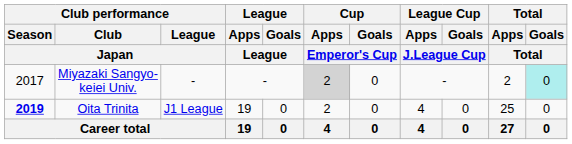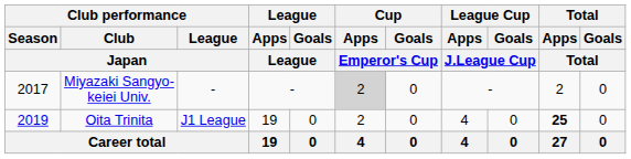 <table class="wikitable" style="text-align:center">
 <tr>
 <th colspan=3>Club performance</th>
 <th colspan=2>League</th>
 <th colspan=2>Cup</th>
 <th colspan=2>League Cup</th>
 <th colspan=2>Total</th>
 </tr>
 <tr>
 <th>Season</th>
 <th>Club</th>
 <th>League</th>
 <th>Apps</th>
 <th>Goals</th>
 <th>Apps</th>
 <th>Goals</th>
 <th>Apps</th>
 <th>Goals</th>
 <th>Apps</th>
 <th>Goals</th>
 </tr>
 <tr>
 <th colspan=3>Japan</th>
 <th colspan=2>League</th>
 <th colspan=2><a href='#'>Emperor's Cup</a></th>
 <th colspan=2><a href='#'>J.League Cup</a></th>
 <th colspan=2>Total</th>
 </tr>
 <tr>
 <td>2017</td>
 <td><a href='#'>Miyazaki Sangyo-<br>keiei Univ.</a></td>
 <td>-</td>
 <td colspan=2>-</td>
 <td style="background: lightgrey;">2</td>
 <td>0</td>
 <td colspan=2>-</td>
 <td>2</td>
-<td style="background: paleturquoise;">0</td>
+<td>0</td>
 </tr>
 <tr>
-<td><strong><a href='#'>2019</a></strong></td>
+<td><a href='#'>2019</a></td>
 <td><a href='#'>Oita Trinita</a></td>
 <td><a href='#'>J1 League</a></td>
 <td>19</td>
 <td>0</td>
 <td>2</td>
 <td>0</td>
 <td>4</td>
 <td>0</td>
-<td>25</td>
+<td><strong>25</strong></td>
 <td>0</td>
 </tr>
 <tr>
 <th colspan=3>Career total</th>
 <th>19</th>
 <th>0</th>
 <th>4</th>
 <th>0</th>
 <th>4</th>
 <th>0</th>
 <th>27</th>
 <th>0</th>
 </tr>
 </table>
